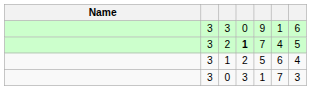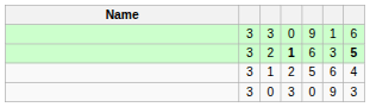 <table class=wikitable style="text-align:center">
 <tr>
 <th width=300>Name</th>
 <th width=20></th>
 <th width=20></th>
 <th width=20></th>
 <th width=20></th>
 <th width=20></th>
 <th width=20></th>
 </tr>
 <tr style="background-color:#ccffcc;">
 <td style="text-align:left;"></td>
 <td>3</td>
 <td>3</td>
 <td>0</td>
 <td>9</td>
 <td>1</td>
 <td>6</td>
 </tr>
 <tr style="background-color:#ccffcc;">
 <td style="text-align:left;"></td>
 <td>3</td>
 <td>2</td>
 <td><strong>1</strong></td>
-<td>7</td>
-<td>4</td>
-<td>5</td>
+<td>6</td>
+<td>3</td>
+<td><strong>5</strong></td>
 </tr>
 <tr>
 <td style="text-align:left;"></td>
 <td>3</td>
 <td>1</td>
 <td>2</td>
 <td>5</td>
 <td>6</td>
 <td>4</td>
 </tr>
 <tr>
 <td style="text-align:left;"></td>
 <td>3</td>
 <td>0</td>
 <td>3</td>
-<td>1</td>
-<td>7</td>
+<td>0</td>
+<td>9</td>
 <td>3</td>
 </tr>
 </table>
